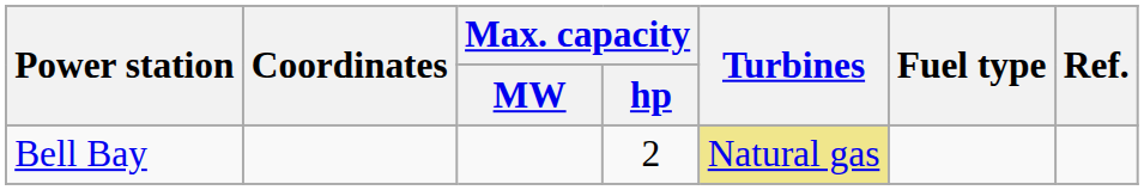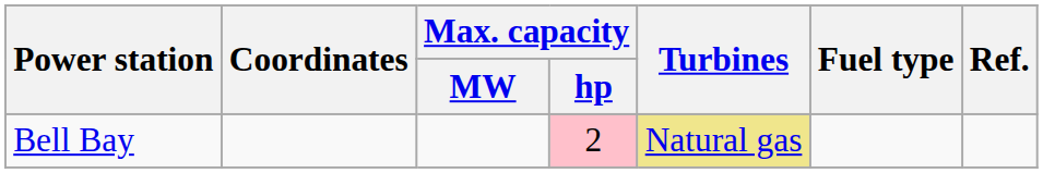 <table class="wikitable sortable" style="text-align: center">
 <tr>
 <th scope="col" rowspan=2>Power station</th>
 <th scope="col" rowspan=2>Coordinates</th>
 <th scope="col" colspan=2><a href='#'>Max. capacity</a></th>
 <th scope="col" rowspan=2><a href='#'>Turbines</a></th>
 <th scope="col" rowspan=2>Fuel type</th>
 <th scope="col" rowspan=2>Ref.</th>
 </tr>
 <tr>
 <th scope="col"><a href='#'>MW</a></th>
 <th scope="col"><a href='#'>hp</a></th>
 </tr>
 <tr>
 <td align="left"><a href='#'>Bell Bay</a></td>
 <td></td>
 <td></td>
-<td>2</td>
+<td style="background: pink;">2</td>
 <td style="background: khaki;"><a href='#'>Natural gas</a></td>
 <td></td>
 </tr>
 </table>
